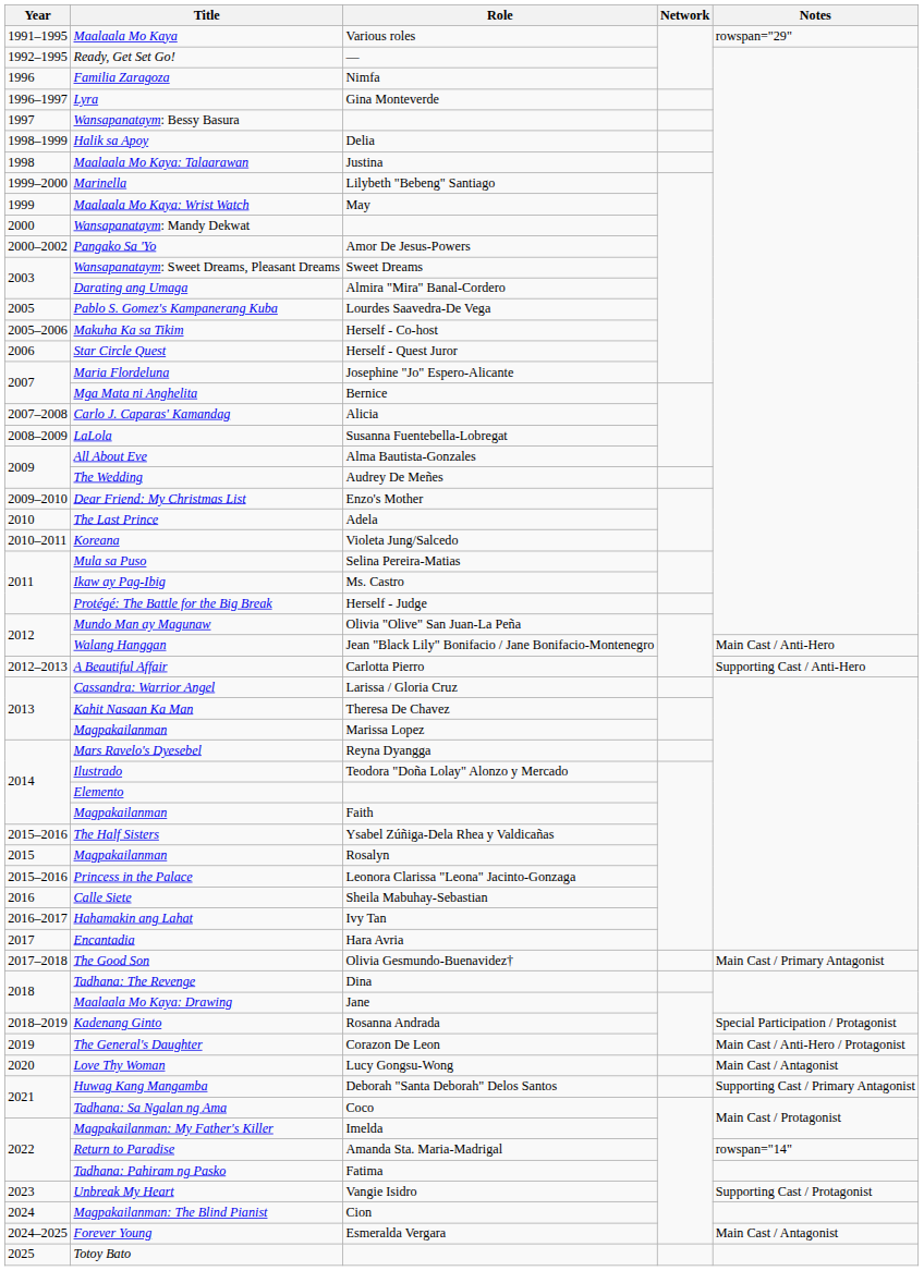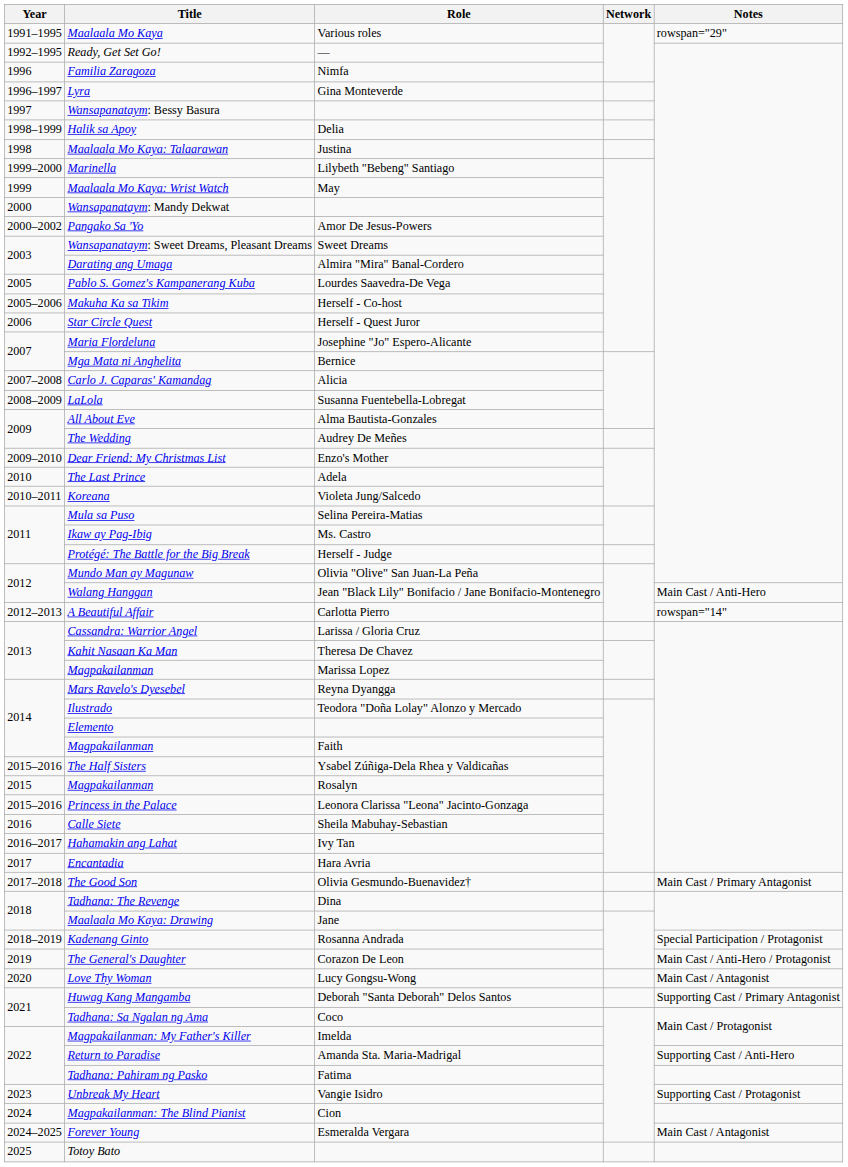 <table class="wikitable sortable">
 <tr>
 <th>Year</th>
 <th>Title</th>
 <th>Role</th>
 <th>Network</th>
 <th>Notes</th>
 </tr>
 <tr>
 <td>1991–1995</td>
 <td><em><a href='#'>Maalaala Mo Kaya</a></em></td>
 <td>Various roles</td>
 <td rowspan="3"></td>
 <td>rowspan="29" </td>
 </tr>
 <tr>
 <td>1992–1995</td>
 <td><em>Ready, Get Set Go!</em></td>
 <td>—</td>
 </tr>
 <tr>
 <td>1996</td>
 <td><em><a href='#'>Familia Zaragoza</a></em></td>
 <td>Nimfa</td>
 </tr>
 <tr>
 <td>1996–1997</td>
 <td><em><a href='#'>Lyra</a></em></td>
 <td>Gina Monteverde</td>
 <td></td>
 </tr>
 <tr>
 <td>1997</td>
 <td><em><a href='#'>Wansapanataym</a></em>: Bessy Basura</td>
 <td></td>
 <td></td>
 </tr>
 <tr>
 <td>1998–1999</td>
 <td><em><a href='#'>Halik sa Apoy</a></em></td>
 <td>Delia</td>
 <td></td>
 </tr>
 <tr>
 <td>1998</td>
 <td><a href='#'><em>Maalaala Mo Kaya: Talaarawan</em></a></td>
 <td>Justina</td>
 <td></td>
 </tr>
 <tr>
 <td>1999–2000</td>
 <td><em><a href='#'>Marinella</a></em></td>
 <td>Lilybeth "Bebeng" Santiago</td>
 <td rowspan="10"></td>
 </tr>
 <tr>
 <td>1999</td>
 <td><a href='#'><em>Maalaala Mo Kaya: Wrist Watch</em></a></td>
 <td>May</td>
 </tr>
 <tr>
 <td>2000</td>
 <td><em><a href='#'>Wansapanataym</a></em>: Mandy Dekwat</td>
 <td></td>
 </tr>
 <tr>
 <td>2000–2002</td>
 <td><em><a href='#'>Pangako Sa 'Yo</a></em></td>
 <td>Amor De Jesus-Powers</td>
 </tr>
 <tr>
 <td rowspan="2">2003</td>
 <td><em><a href='#'>Wansapanataym</a></em>: Sweet Dreams, Pleasant Dreams</td>
 <td>Sweet Dreams</td>
 </tr>
 <tr>
 <td><em><a href='#'>Darating ang Umaga</a></em></td>
 <td>Almira "Mira" Banal-Cordero</td>
 </tr>
 <tr>
 <td>2005</td>
 <td><em><a href='#'>Pablo S. Gomez's Kampanerang Kuba</a></em></td>
 <td>Lourdes Saavedra-De Vega</td>
 </tr>
 <tr>
 <td>2005–2006</td>
 <td><em><a href='#'>Makuha Ka sa Tikim</a></em></td>
 <td>Herself - Co-host</td>
 </tr>
 <tr>
 <td>2006</td>
 <td><em><a href='#'>Star Circle Quest</a></em></td>
 <td>Herself - Quest Juror</td>
 </tr>
 <tr>
 <td rowspan="2">2007</td>
 <td><em><a href='#'>Maria Flordeluna</a></em></td>
 <td>Josephine "Jo" Espero-Alicante</td>
 </tr>
 <tr>
 <td><em><a href='#'>Mga Mata ni Anghelita</a></em></td>
 <td>Bernice</td>
 <td rowspan="4"></td>
 </tr>
 <tr>
 <td>2007–2008</td>
 <td><em><a href='#'>Carlo J. Caparas' Kamandag</a></em></td>
 <td>Alicia</td>
 </tr>
 <tr>
 <td>2008–2009</td>
 <td><em><a href='#'>LaLola</a></em></td>
 <td>Susanna Fuentebella-Lobregat</td>
 </tr>
 <tr>
 <td rowspan="2">2009</td>
 <td><em><a href='#'>All About Eve</a></em></td>
 <td>Alma Bautista-Gonzales</td>
 </tr>
 <tr>
 <td><em><a href='#'>The Wedding</a></em></td>
 <td>Audrey De Meñes</td>
 <td></td>
 </tr>
 <tr>
 <td>2009–2010</td>
 <td><em><a href='#'>Dear Friend: My Christmas List</a></em></td>
 <td>Enzo's Mother</td>
 <td rowspan="3"></td>
 </tr>
 <tr>
 <td>2010</td>
 <td><em><a href='#'>The Last Prince</a></em></td>
 <td>Adela</td>
 </tr>
 <tr>
 <td>2010–2011</td>
 <td><em><a href='#'>Koreana</a></em></td>
 <td>Violeta Jung/Salcedo</td>
 </tr>
 <tr>
 <td rowspan="3">2011</td>
 <td><em><a href='#'>Mula sa Puso</a></em></td>
 <td>Selina Pereira-Matias</td>
 <td rowspan="2"></td>
 </tr>
 <tr>
 <td><em><a href='#'>Ikaw ay Pag-Ibig</a></em></td>
 <td>Ms. Castro</td>
 </tr>
 <tr>
 <td><em><a href='#'>Protégé: The Battle for the Big Break</a></em></td>
 <td>Herself - Judge</td>
 <td></td>
 </tr>
 <tr>
 <td rowspan="2">2012</td>
 <td><em><a href='#'>Mundo Man ay Magunaw</a></em></td>
 <td>Olivia "Olive" San Juan-La Peña</td>
 <td rowspan="3"></td>
 </tr>
 <tr>
 <td><em><a href='#'>Walang Hanggan</a></em></td>
 <td>Jean "Black Lily" Bonifacio / Jane Bonifacio-Montenegro</td>
 <td>Main Cast / Anti-Hero</td>
 </tr>
 <tr>
 <td>2012–2013</td>
 <td><em><a href='#'>A Beautiful Affair</a></em></td>
 <td>Carlotta Pierro</td>
-<td>Supporting Cast / Anti-Hero</td>
+<td>rowspan="14" </td>
 </tr>
 <tr>
 <td rowspan="3">2013</td>
 <td><em><a href='#'>Cassandra: Warrior Angel</a></em></td>
 <td>Larissa / Gloria Cruz</td>
 <td></td>
 </tr>
 <tr>
 <td><em><a href='#'>Kahit Nasaan Ka Man</a></em></td>
 <td>Theresa De Chavez</td>
 <td rowspan="2"></td>
 </tr>
 <tr>
 <td><em><a href='#'>Magpakailanman</a></em></td>
 <td>Marissa Lopez</td>
 </tr>
 <tr>
 <td rowspan="4">2014</td>
 <td><em><a href='#'>Mars Ravelo's Dyesebel</a></em></td>
 <td>Reyna Dyangga</td>
 <td></td>
 </tr>
 <tr>
 <td><em><a href='#'>Ilustrado</a></em></td>
 <td>Teodora "Doña Lolay" Alonzo y Mercado</td>
 <td rowspan="9"></td>
 </tr>
 <tr>
 <td><em><a href='#'>Elemento</a></em></td>
 <td></td>
 </tr>
 <tr>
 <td><em><a href='#'>Magpakailanman</a></em></td>
 <td>Faith</td>
 </tr>
 <tr>
 <td>2015–2016</td>
 <td><em><a href='#'>The Half Sisters</a></em></td>
 <td>Ysabel Zúñiga-Dela Rhea y Valdicañas</td>
 </tr>
 <tr>
 <td>2015</td>
 <td><em><a href='#'>Magpakailanman</a></em></td>
 <td>Rosalyn</td>
 </tr>
 <tr>
 <td>2015–2016</td>
 <td><em><a href='#'>Princess in the Palace</a></em></td>
 <td>Leonora Clarissa "Leona" Jacinto-Gonzaga</td>
 </tr>
 <tr>
 <td>2016</td>
 <td><em><a href='#'>Calle Siete</a></em></td>
 <td>Sheila Mabuhay-Sebastian</td>
 </tr>
 <tr>
 <td>2016–2017</td>
 <td><em><a href='#'>Hahamakin ang Lahat</a></em></td>
 <td>Ivy Tan</td>
 </tr>
 <tr>
 <td>2017</td>
 <td><em><a href='#'>Encantadia</a></em></td>
 <td>Hara Avria</td>
 </tr>
 <tr>
 <td>2017–2018</td>
 <td><em><a href='#'>The Good Son</a></em></td>
 <td>Olivia Gesmundo-Buenavidez†</td>
 <td></td>
 <td>Main Cast / Primary Antagonist</td>
 </tr>
 <tr>
 <td rowspan="2">2018</td>
 <td><em><a href='#'>Tadhana: The Revenge</a></em></td>
 <td>Dina</td>
 <td></td>
 </tr>
 <tr>
 <td><em><a href='#'>Maalaala Mo Kaya: Drawing</a></em></td>
 <td>Jane</td>
 <td rowspan="3"></td>
 </tr>
 <tr>
 <td>2018–2019</td>
 <td><em><a href='#'>Kadenang Ginto</a></em></td>
 <td>Rosanna Andrada</td>
 <td>Special Participation / Protagonist</td>
 </tr>
 <tr>
 <td>2019</td>
 <td><em><a href='#'>The General's Daughter</a></em></td>
 <td>Corazon De Leon</td>
 <td>Main Cast / Anti-Hero / Protagonist</td>
 </tr>
 <tr>
 <td>2020</td>
 <td><em><a href='#'>Love Thy Woman</a></em></td>
 <td>Lucy Gongsu-Wong</td>
 <td></td>
 <td>Main Cast / Antagonist</td>
 </tr>
 <tr>
 <td rowspan="2">2021</td>
 <td><em><a href='#'>Huwag Kang Mangamba</a></em></td>
 <td>Deborah "Santa Deborah" Delos Santos</td>
 <td></td>
 <td>Supporting Cast / Primary Antagonist</td>
 </tr>
 <tr>
 <td><em><a href='#'>Tadhana: Sa Ngalan ng Ama</a></em></td>
 <td>Coco</td>
 <td rowspan="7"></td>
 <td rowspan="2">Main Cast / Protagonist</td>
 </tr>
 <tr>
 <td rowspan="3">2022</td>
 <td><em> <a href='#'>Magpakailanman: My Father's Killer</a></em></td>
 <td>Imelda</td>
 </tr>
 <tr>
 <td><em><a href='#'>Return to Paradise</a></em></td>
 <td>Amanda Sta. Maria-Madrigal</td>
-<td>rowspan="14" </td>
+<td>Supporting Cast / Anti-Hero</td>
 </tr>
 <tr>
 <td><em><a href='#'>Tadhana: Pahiram ng Pasko</a></em></td>
 <td>Fatima</td>
 </tr>
 <tr>
 <td>2023</td>
 <td><em><a href='#'>Unbreak My Heart</a></em></td>
 <td>Vangie Isidro</td>
 <td>Supporting Cast / Protagonist</td>
 </tr>
 <tr>
 <td>2024</td>
 <td><em> <a href='#'>Magpakailanman: The Blind Pianist</a></em></td>
 <td>Cion</td>
 </tr>
 <tr>
 <td>2024–2025</td>
 <td><em><a href='#'>Forever Young</a></em></td>
 <td>Esmeralda Vergara</td>
 <td>Main Cast / Antagonist</td>
 </tr>
 <tr>
 <td>2025</td>
 <td><em>Totoy Bato</em></td>
 <td></td>
 <td></td>
 <td></td>
 </tr>
 </table>
